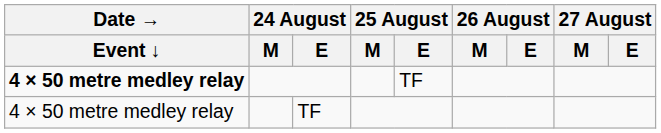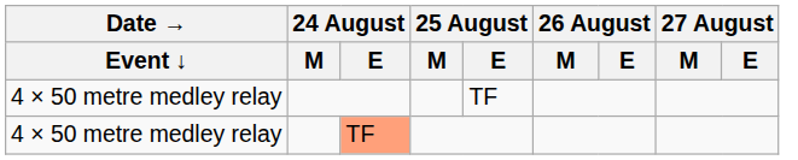 <table class="wikitable swimming-schedule floatleft">
 <tr>
 <th>Date →</th>
 <th colspan=2>24 August</th>
 <th colspan=2>25 August</th>
 <th colspan=2>26 August</th>
 <th colspan=2>27 August</th>
 </tr>
 <tr>
 <th>Event ↓</th>
 <th>M</th>
 <th>E</th>
 <th>M</th>
 <th>E</th>
 <th>M</th>
 <th>E</th>
 <th>M</th>
 <th>E</th>
 </tr>
 <tr>
-<td class=event><strong>4 × 50 metre medley relay</strong></td>
+<td class=event>4 × 50 metre medley relay</td>
 <td colspan=2></td>
 <td></td>
 <td class=timed-final>TF</td>
 <td colspan=2></td>
 <td colspan=2></td>
 </tr>
 <tr>
 <td class=event>4 × 50 metre medley relay</td>
 <td></td>
-<td class=timed-final>TF</td>
+<td class=timed-final style="background: lightsalmon;">TF</td>
 <td colspan=2></td>
 <td colspan=2></td>
 <td colspan=2></td>
 </tr>
 </table>
